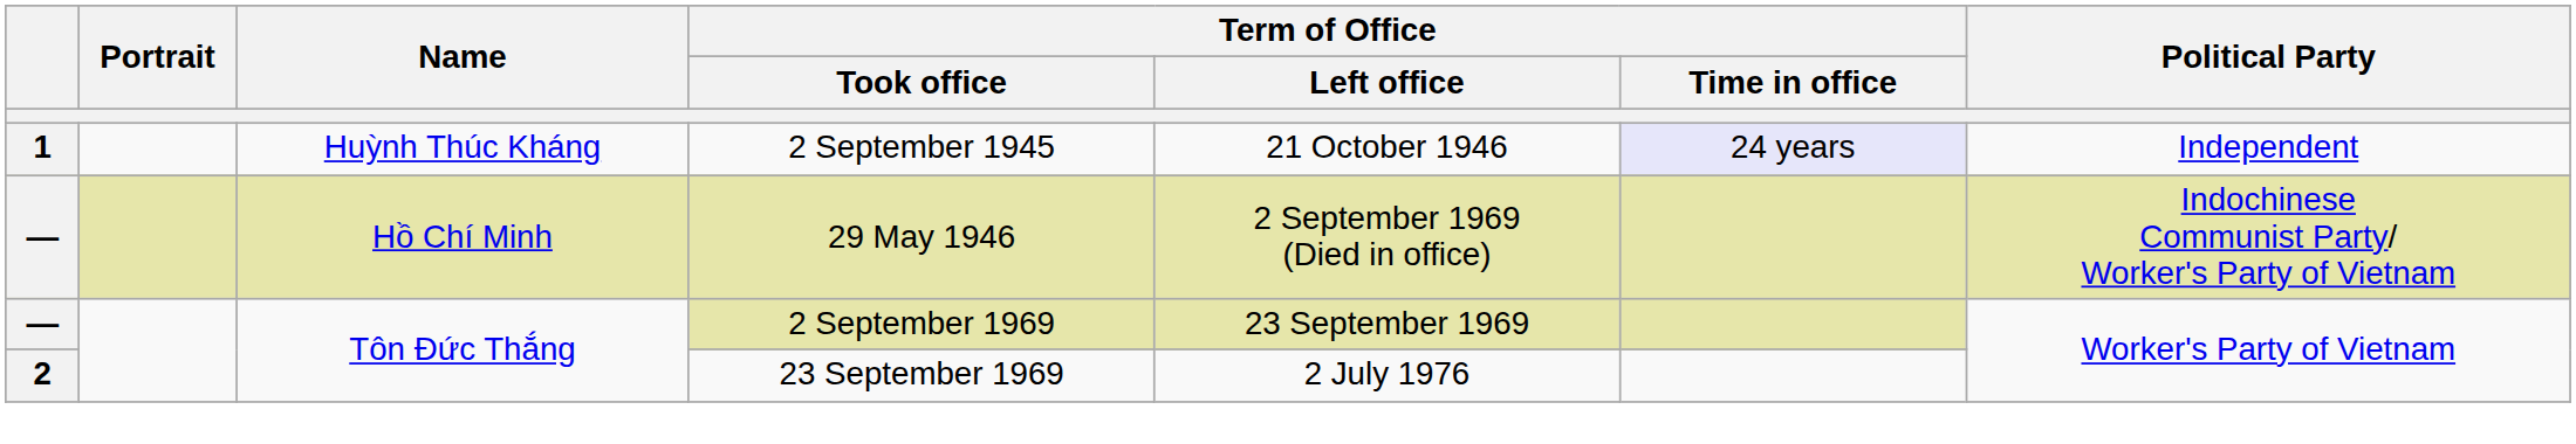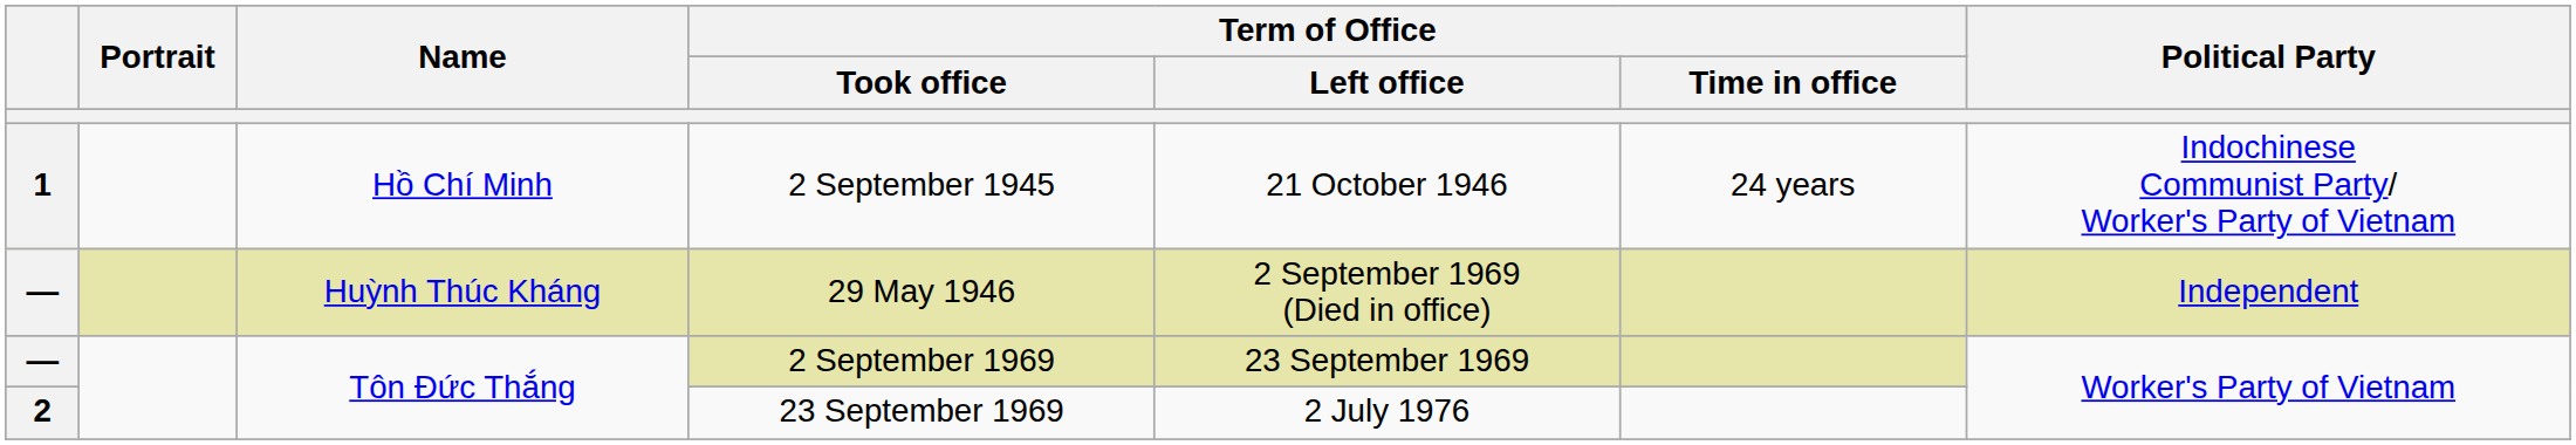 <table class="wikitable" style="text-align:center; border:1px #aaf solid; width:80%;">
 <tr>
 <th rowspan="2"></th>
 <th rowspan="2" style="width:70px;">Portrait</th>
 <th rowspan="2">Name<br></th>
 <th colspan="3">Term of Office</th>
 <th rowspan="2">Political Party</th>
 </tr>
 <tr>
 <th>Took office</th>
 <th>Left office</th>
 <th>Time in office</th>
 </tr>
 <tr>
 <th colspan="7"></th>
 </tr>
 <tr>
 <th style="background:">1</th>
 <td></td>
-<td><a href='#'>Huỳnh Thúc Kháng</a><br></td>
+<td><a href='#'>Hồ Chí Minh</a><br></td>
 <td>2 September 1945</td>
 <td>21 October 1946</td>
-<td style="background: lavender;">24 years</td>
-<td><a href='#'>Independent</a></td>
+<td>24 years</td>
+<td><a href='#'>Indochinese<br>Communist Party</a>/<br><a href='#'>Worker's Party of Vietnam</a></td>
 </tr>
 <tr style="background:#e6e6aa;"|>
 <th style="background:">—</th>
 <td></td>
-<td><a href='#'>Hồ Chí Minh</a><br></td>
+<td><a href='#'>Huỳnh Thúc Kháng</a><br></td>
 <td>29 May 1946</td>
 <td>2 September 1969<br>(Died in office)</td>
 <td></td>
-<td><a href='#'>Indochinese<br>Communist Party</a>/<br><a href='#'>Worker's Party of Vietnam</a></td>
+<td><a href='#'>Independent</a></td>
 </tr>
 <tr>
 <th style="background:">—</th>
 <td rowspan="2"></td>
 <td rowspan="2"><a href='#'>Tôn Đức Thắng</a><br></td>
 <td style="background:#e6e6aa;">2 September 1969</td>
 <td style="background:#e6e6aa;">23 September 1969</td>
 <td style="background:#e6e6aa;"></td>
 <td rowspan="2"><a href='#'>Worker's Party of Vietnam</a></td>
 </tr>
 <tr>
 <th style="background:">2</th>
 <td>23 September 1969</td>
 <td>2 July 1976</td>
 <td></td>
 </tr>
 </table>
